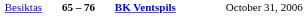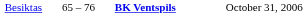 <table style="text-align:center">
 <tr>
 <th width=160></th>
 <th width=100></th>
 <th width=160></th>
 <th width=200></th>
 </tr>
 <tr>
 <td align="right"><a href='#'>Besiktas</a> </td>
-<td><strong>65 – 76</strong></td>
+<td>65 – 76</td>
 <td align=left> <strong><a href='#'>BK Ventspils</a></strong></td>
 <td align=left>October 31, 2006</td>
 </tr>
 </table>
